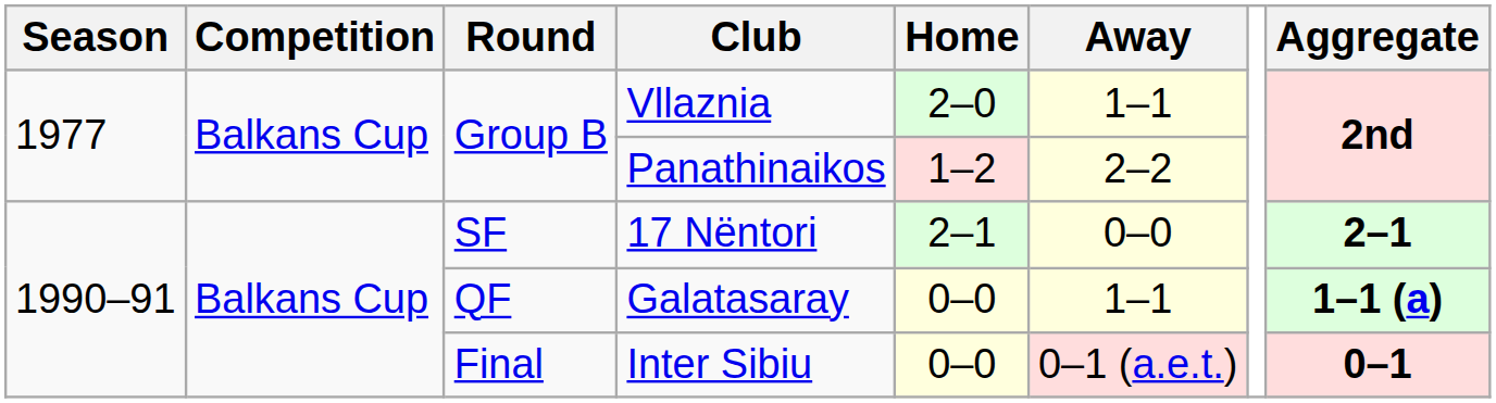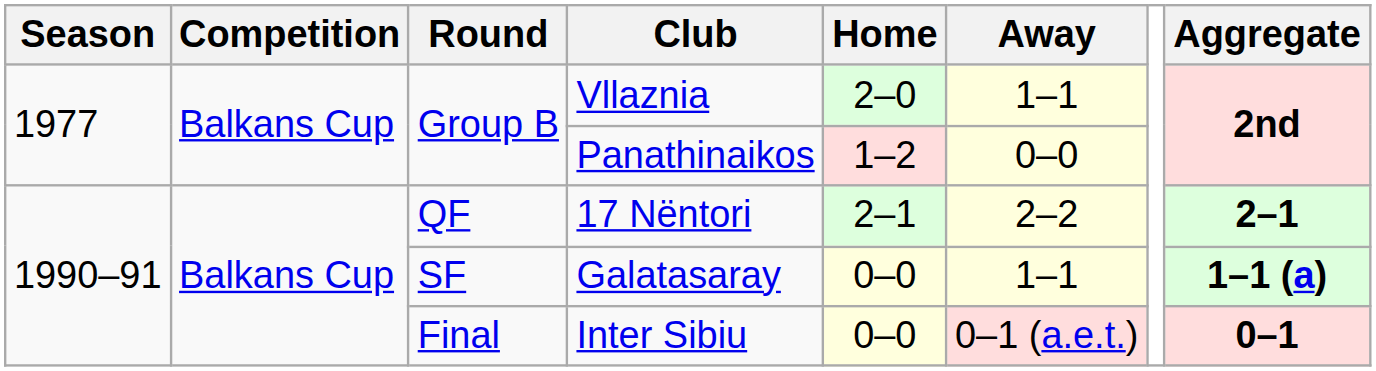 <table class="wikitable">
 <tr>
 <th>Season</th>
 <th>Competition</th>
 <th>Round</th>
 <th>Club</th>
 <th>Home</th>
 <th>Away</th>
 <th style="background:white" rowspan=6></th>
 <th>Aggregate</th>
 </tr>
 <tr>
 <td rowspan=2>1977</td>
 <td rowspan=2><a href='#'>Balkans Cup</a></td>
 <td rowspan=2><a href='#'>Group B</a></td>
 <td> <a href='#'>Vllaznia</a></td>
 <td bgcolor="#ddffdd" style="text-align:center;">2–0</td>
 <td bgcolor="#ffffdd" style="text-align:center;">1–1</td>
 <td bgcolor="#ffdddd" style="text-align:center;" rowspan=2><strong>2nd</strong></td>
 </tr>
 <tr>
 <td> <a href='#'>Panathinaikos</a></td>
 <td bgcolor="#ffdddd" style="text-align:center;">1–2</td>
-<td bgcolor="#ffffdd" style="text-align:center;">2–2</td>
+<td bgcolor="#ffffdd" style="text-align:center;">0–0</td>
 </tr>
 <tr>
 <td rowspan=3>1990–91</td>
 <td rowspan=3><a href='#'>Balkans Cup</a></td>
-<td><a href='#'>SF</a></td>
+<td><a href='#'>QF</a></td>
 <td> <a href='#'>17 Nëntori</a></td>
 <td bgcolor="#ddffdd" style="text-align:center;">2–1</td>
-<td bgcolor="#ffffdd" style="text-align:center;">0–0</td>
+<td bgcolor="#ffffdd" style="text-align:center;">2–2</td>
 <td bgcolor="#ddffdd" style="text-align:center;"><strong>2–1</strong></td>
 </tr>
 <tr>
-<td><a href='#'>QF</a></td>
+<td><a href='#'>SF</a></td>
 <td> <a href='#'>Galatasaray</a></td>
 <td bgcolor="#ffffdd" style="text-align:center;">0–0</td>
 <td bgcolor="#ffffdd" style="text-align:center;">1–1</td>
 <td bgcolor="#ddffdd" style="text-align:center;"><strong>1–1 (<a href='#'>a</a>)</strong></td>
 </tr>
 <tr>
 <td><a href='#'>Final</a></td>
 <td> <a href='#'>Inter Sibiu</a></td>
 <td bgcolor="#ffffdd" style="text-align:center;">0–0</td>
 <td bgcolor="#ffdddd" style="text-align:center;">0–1 (<a href='#'>a.e.t.</a>)</td>
 <td bgcolor="#ffdddd" style="text-align:center;"><strong>0–1</strong></td>
 </tr>
 </table>
